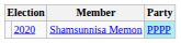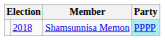 <table class="wikitable">
 <tr>
 <th colspan="2">Election</th>
 <th>Member</th>
 <th>Party</th>
 </tr>
 <tr>
 <td style="background-color: "></td>
-<td><a href='#'>2020</a></td>
+<td><a href='#'>2018</a></td>
 <td><a href='#'>Shamsunnisa Memon</a></td>
 <td style="background: paleturquoise;"><a href='#'>PPPP</a></td>
 </tr>
 </table>
